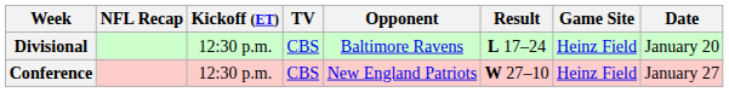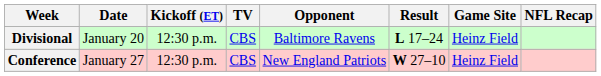 <table class="wikitable">
 <tr>
 <th>Week</th>
-<th>NFL Recap</th>
+<th>Date</th>
 <th>Kickoff <small>(<a href='#'>ET</a>)</small></th>
 <th>TV</th>
 <th>Opponent</th>
 <th>Result</th>
 <th>Game Site</th>
-<th>Date</th>
+<th>NFL Recap</th>
 </tr>
 <tr style="background: #cfc;">
 <th>Divisional</th>
-<td align="center"></td>
+<td align="center">January 20</td>
 <td align="center">12:30 p.m.</td>
 <td align="center"><a href='#'>CBS</a></td>
 <td align="center"><a href='#'>Baltimore Ravens</a></td>
 <td align="center"><strong>L</strong> 17–24</td>
 <td align="center"><a href='#'>Heinz Field</a></td>
-<td align="center">January 20</td>
+<td align="center"></td>
 </tr>
 <tr style="background: #fcc">
 <th>Conference</th>
-<td align="center"></td>
+<td align="center">January 27</td>
 <td align="center">12:30 p.m.</td>
 <td align="center"><a href='#'>CBS</a></td>
 <td align="center"><a href='#'>New England Patriots</a></td>
 <td align="center"><strong>W</strong> 27–10</td>
 <td align="center"><a href='#'>Heinz Field</a></td>
-<td align="center">January 27</td>
+<td align="center"></td>
 </tr>
 </table>
